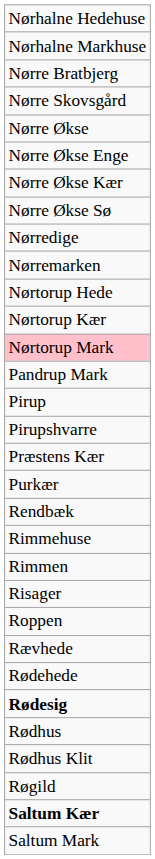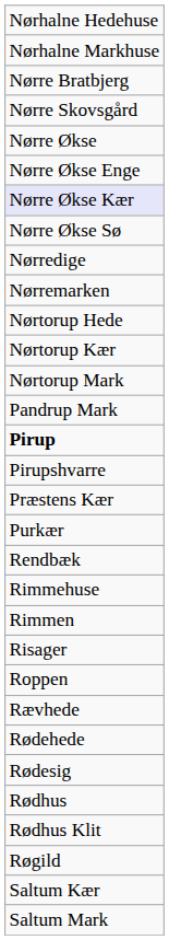 <table class="wikitable" style="float:left; margin-right:1em">
 <tr>
 <td>Nørhalne Hedehuse</td>
 </tr>
 <tr>
 <td>Nørhalne Markhuse</td>
 </tr>
 <tr>
 <td>Nørre Bratbjerg</td>
 </tr>
 <tr>
 <td>Nørre Skovsgård</td>
 </tr>
 <tr>
 <td>Nørre Økse</td>
 </tr>
 <tr>
 <td>Nørre Økse Enge</td>
 </tr>
 <tr>
-<td>Nørre Økse Kær</td>
+<td style="background: lavender;">Nørre Økse Kær</td>
 </tr>
 <tr>
 <td>Nørre Økse Sø</td>
 </tr>
 <tr>
 <td>Nørredige</td>
 </tr>
 <tr>
 <td>Nørremarken</td>
 </tr>
 <tr>
 <td>Nørtorup Hede</td>
 </tr>
 <tr>
 <td>Nørtorup Kær</td>
 </tr>
 <tr>
-<td style="background: pink;">Nørtorup Mark</td>
+<td>Nørtorup Mark</td>
 </tr>
 <tr>
 <td>Pandrup Mark</td>
 </tr>
 <tr>
-<td>Pirup</td>
+<td><strong>Pirup</strong></td>
 </tr>
 <tr>
 <td>Pirupshvarre</td>
 </tr>
 <tr>
 <td>Præstens Kær</td>
 </tr>
 <tr>
 <td>Purkær</td>
 </tr>
 <tr>
 <td>Rendbæk</td>
 </tr>
 <tr>
 <td>Rimmehuse</td>
 </tr>
 <tr>
 <td>Rimmen</td>
 </tr>
 <tr>
 <td>Risager</td>
 </tr>
 <tr>
 <td>Roppen</td>
 </tr>
 <tr>
 <td>Rævhede</td>
 </tr>
 <tr>
 <td>Rødehede</td>
 </tr>
 <tr>
-<td><strong>Rødesig</strong></td>
+<td>Rødesig</td>
 </tr>
 <tr>
 <td>Rødhus</td>
 </tr>
 <tr>
 <td>Rødhus Klit</td>
 </tr>
 <tr>
 <td>Røgild</td>
 </tr>
 <tr>
-<td><strong>Saltum Kær</strong></td>
+<td>Saltum Kær</td>
 </tr>
 <tr>
 <td>Saltum Mark</td>
 </tr>
 </table>
